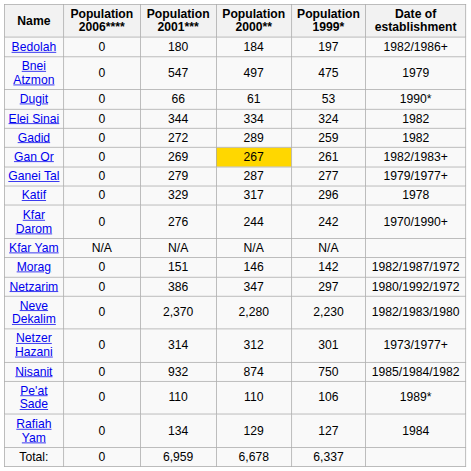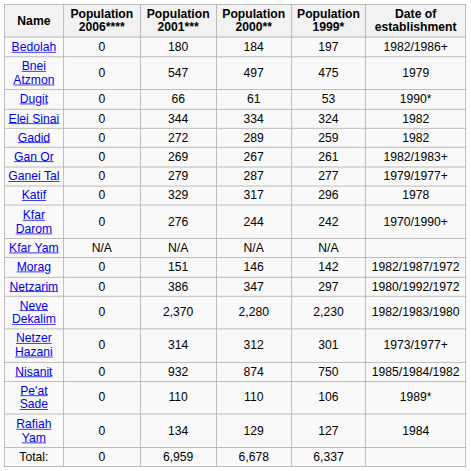 <table class="wikitable sortable">
 <tr>
 <th>Name</th>
 <th>Population 2006****</th>
 <th>Population 2001***</th>
 <th>Population 2000**</th>
 <th>Population 1999*</th>
 <th>Date of establishment</th>
 </tr>
 <tr align="center">
 <td><a href='#'>Bedolah</a></td>
 <td>0</td>
 <td>180</td>
 <td>184</td>
 <td>197</td>
 <td>1982/1986+</td>
 </tr>
 <tr align="center">
 <td><a href='#'>Bnei Atzmon</a></td>
 <td>0</td>
 <td>547</td>
 <td>497</td>
 <td>475</td>
 <td>1979</td>
 </tr>
 <tr align="center">
 <td><a href='#'>Dugit</a></td>
 <td>0</td>
 <td>66</td>
 <td>61</td>
 <td>53</td>
 <td>1990*</td>
 </tr>
 <tr align="center">
 <td><a href='#'>Elei Sinai</a></td>
 <td>0</td>
 <td>344</td>
 <td>334</td>
 <td>324</td>
 <td>1982</td>
 </tr>
 <tr align="center">
 <td><a href='#'>Gadid</a></td>
 <td>0</td>
 <td>272</td>
 <td>289</td>
 <td>259</td>
 <td>1982</td>
 </tr>
 <tr align="center">
 <td><a href='#'>Gan Or</a></td>
 <td>0</td>
 <td>269</td>
-<td style="background: gold;">267</td>
+<td>267</td>
 <td>261</td>
 <td>1982/1983+</td>
 </tr>
 <tr align="center">
 <td><a href='#'>Ganei Tal</a></td>
 <td>0</td>
 <td>279</td>
 <td>287</td>
 <td>277</td>
 <td>1979/1977+</td>
 </tr>
 <tr align="center">
 <td><a href='#'>Katif</a></td>
 <td>0</td>
 <td>329</td>
 <td>317</td>
 <td>296</td>
 <td>1978</td>
 </tr>
 <tr align="center">
 <td><a href='#'>Kfar Darom</a></td>
 <td>0</td>
 <td>276</td>
 <td>244</td>
 <td>242</td>
 <td>1970/1990+</td>
 </tr>
 <tr align="center">
 <td><a href='#'>Kfar Yam</a></td>
 <td>N/A</td>
 <td>N/A</td>
 <td>N/A</td>
 <td>N/A</td>
 </tr>
 <tr align="center">
 <td><a href='#'>Morag</a></td>
 <td>0</td>
 <td>151</td>
 <td>146</td>
 <td>142</td>
 <td>1982/1987/1972</td>
 </tr>
 <tr align="center">
 <td><a href='#'>Netzarim</a></td>
 <td>0</td>
 <td>386</td>
 <td>347</td>
 <td>297</td>
 <td>1980/1992/1972</td>
 </tr>
 <tr align="center">
 <td><a href='#'>Neve Dekalim</a></td>
 <td>0</td>
 <td>2,370</td>
 <td>2,280</td>
 <td>2,230</td>
 <td>1982/1983/1980</td>
 </tr>
 <tr align="center">
 <td><a href='#'>Netzer Hazani</a></td>
 <td>0</td>
 <td>314</td>
 <td>312</td>
 <td>301</td>
 <td>1973/1977+</td>
 </tr>
 <tr align="center">
 <td><a href='#'>Nisanit</a></td>
 <td>0</td>
 <td>932</td>
 <td>874</td>
 <td>750</td>
 <td>1985/1984/1982</td>
 </tr>
 <tr align="center">
 <td><a href='#'>Pe'at Sade</a></td>
 <td>0</td>
 <td>110</td>
 <td>110</td>
 <td>106</td>
 <td>1989*</td>
 </tr>
 <tr align="center">
 <td><a href='#'>Rafiah Yam</a></td>
 <td>0</td>
 <td>134</td>
 <td>129</td>
 <td>127</td>
 <td>1984</td>
 </tr>
 <tr align="center">
 <td>Total:</td>
 <td>0</td>
 <td>6,959</td>
 <td>6,678</td>
 <td>6,337</td>
 <td> </td>
 </tr>
 </table>
